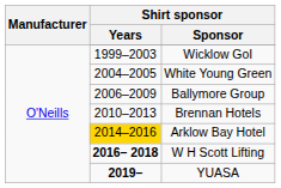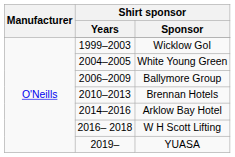 <table class="wikitable" style="text-align: center">
 <tr>
 <th rowspan="2">Manufacturer</th>
 <th colspan="2">Shirt sponsor</th>
 </tr>
 <tr>
 <th>Years</th>
 <th>Sponsor</th>
 </tr>
 <tr>
 <td rowspan= "8" colspan= "1"><a href='#'>O'Neills</a></td>
 </tr>
 <tr>
 <td>1999–2003</td>
 <td>Wicklow GoI</td>
 </tr>
 <tr>
 <td>2004–2005</td>
 <td>White Young Green</td>
 </tr>
 <tr>
 <td>2006–2009</td>
 <td>Ballymore Group</td>
 </tr>
 <tr>
 <td>2010–2013</td>
 <td>Brennan Hotels</td>
 </tr>
 <tr>
-<td style="background: gold;">2014–2016</td>
+<td>2014–2016</td>
 <td>Arklow Bay Hotel</td>
 </tr>
 <tr>
-<td><strong>2016– 2018</strong></td>
+<td>2016– 2018</td>
 <td>W H Scott Lifting</td>
 </tr>
 <tr>
-<td><strong>2019–</strong></td>
+<td>2019–</td>
 <td>YUASA</td>
 </tr>
 </table>
